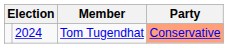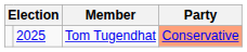 <table class="wikitable">
 <tr>
 <th colspan="2">Election</th>
 <th>Member</th>
 <th>Party</th>
 </tr>
 <tr>
 <td style="color:inherit;background-color: "></td>
-<td><a href='#'>2024</a></td>
+<td><a href='#'>2025</a></td>
 <td><a href='#'>Tom Tugendhat</a></td>
 <td style="background: lightsalmon;"><a href='#'>Conservative</a></td>
 </tr>
 </table>
